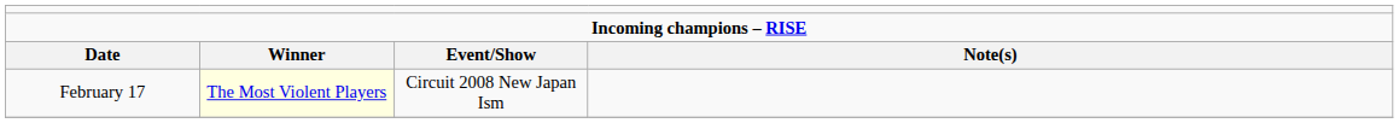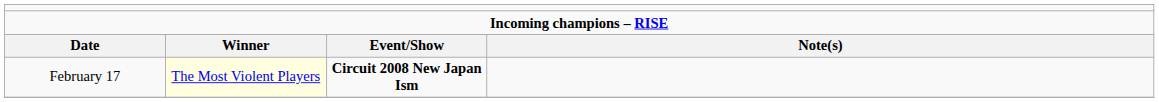 <table class="wikitable" style="text-align:center; width:100%;">
 <tr>
 <td colspan="5"></td>
 </tr>
 <tr>
 <td colspan="5"><strong>Incoming champions – <a href='#'>RISE</a> </strong></td>
 </tr>
 <tr>
 <th width=14%>Date</th>
 <th width=14%>Winner</th>
 <th width=14%>Event/Show</th>
 <th width=58%>Note(s)</th>
 </tr>
 <tr>
 <td>February 17</td>
 <td style="background: lightyellow;"><a href='#'>The Most Violent Players</a><br></td>
-<td>Circuit 2008 New Japan Ism</td>
+<td><strong>Circuit 2008 New Japan Ism</strong></td>
 <td align="left"></td>
 </tr>
 <tr>
 </tr>
 </table>
